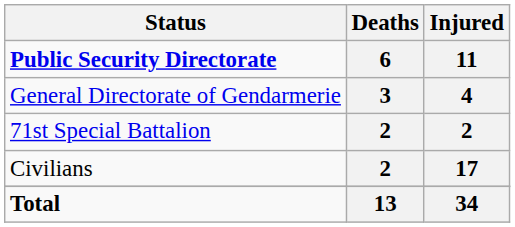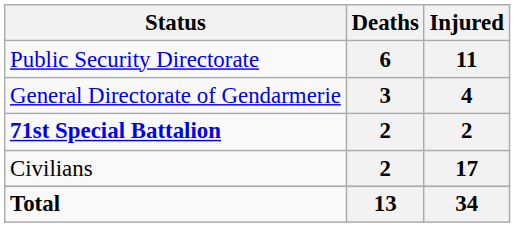 <table class="wikitable centre sortable">
 <tr>
 <th>Status</th>
 <th>Deaths</th>
 <th>Injured</th>
 </tr>
 <tr>
-<td style="text-align:left;"><strong><a href='#'>Public Security Directorate</a></strong></td>
+<td style="text-align:left;"><a href='#'>Public Security Directorate</a></td>
 <th>6</th>
 <th>11</th>
 </tr>
 <tr>
 <td style="text-align:left;"><a href='#'>General Directorate of Gendarmerie</a></td>
 <th>3</th>
 <th>4</th>
 </tr>
 <tr>
-<td style="text-align:left;"><a href='#'>71st Special Battalion</a></td>
+<td style="text-align:left;"><strong><a href='#'>71st Special Battalion</a></strong></td>
 <th>2</th>
 <th>2</th>
 </tr>
 <tr>
 <td style="text-align:left;">Civilians</td>
 <th>2</th>
 <th>17</th>
 </tr>
 <tr>
 </tr>
 <tr class="sortbottom">
 <td><strong>Total</strong></td>
 <th>13</th>
 <th>34</th>
 </tr>
 </table>
